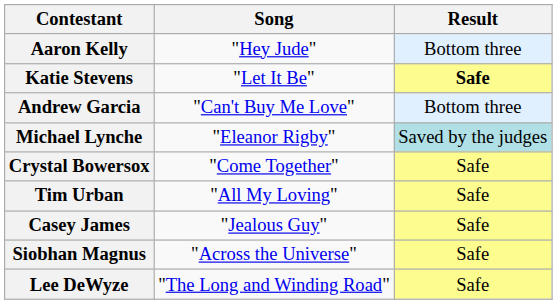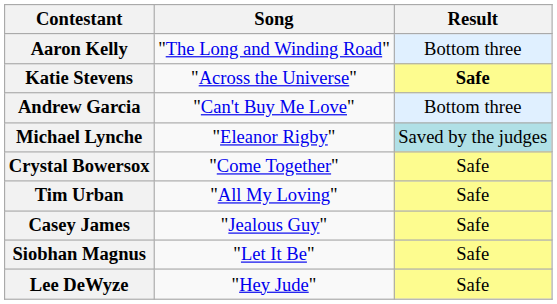 <table class="wikitable unsortable" style="text-align:center;">
 <tr>
 <th scope="col">Contestant</th>
 <th scope="col">Song</th>
 <th scope="col">Result</th>
 </tr>
 <tr>
 <th scope="row">Aaron Kelly</th>
-<td>"<a href='#'>Hey Jude</a>"</td>
+<td>"<a href='#'>The Long and Winding Road</a>"</td>
 <td bgcolor="E0F0FF">Bottom three</td>
 </tr>
 <tr>
 <th scope="row">Katie Stevens</th>
-<td>"<a href='#'>Let It Be</a>"</td>
+<td>"<a href='#'>Across the Universe</a>"</td>
 <td style="background:#FDFC8F"><strong>Safe</strong></td>
 </tr>
 <tr>
 <th scope="row">Andrew Garcia</th>
 <td>"<a href='#'>Can't Buy Me Love</a>"</td>
 <td bgcolor="E0F0FF">Bottom three</td>
 </tr>
 <tr>
 <th scope="row">Michael Lynche</th>
 <td>"<a href='#'>Eleanor Rigby</a>"</td>
 <td style="background:#B0E0E6">Saved by the judges</td>
 </tr>
 <tr>
 <th scope="row">Crystal Bowersox</th>
 <td>"<a href='#'>Come Together</a>"</td>
 <td style="background:#FDFC8F">Safe</td>
 </tr>
 <tr>
 <th scope="row">Tim Urban</th>
 <td>"<a href='#'>All My Loving</a>"</td>
 <td style="background:#FDFC8F">Safe</td>
 </tr>
 <tr>
 <th scope="row">Casey James</th>
 <td>"<a href='#'>Jealous Guy</a>"</td>
 <td style="background:#FDFC8F">Safe</td>
 </tr>
 <tr>
 <th scope="row">Siobhan Magnus</th>
-<td>"<a href='#'>Across the Universe</a>"</td>
+<td>"<a href='#'>Let It Be</a>"</td>
 <td style="background:#FDFC8F">Safe</td>
 </tr>
 <tr>
 <th scope="row">Lee DeWyze</th>
-<td>"<a href='#'>The Long and Winding Road</a>"</td>
+<td>"<a href='#'>Hey Jude</a>"</td>
 <td style="background:#FDFC8F">Safe</td>
 </tr>
 </table>
